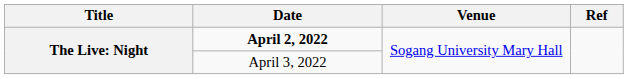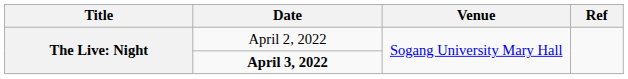 <table class="wikitable plainrowheaders" style="text-align:center">
 <tr>
 <th scope="col" width="200">Title</th>
 <th scope="col" width="200">Date</th>
 <th scope="col" width="200">Venue</th>
 <th scope="col" width="50">Ref</th>
 </tr>
 <tr>
 <th scope="row" rowspan="2" style="text-align:center">The Live: Night</th>
-<td><strong>April 2, 2022</strong></td>
+<td>April 2, 2022</td>
 <td rowspan="2"><a href='#'>Sogang University Mary Hall</a></td>
 <td rowspan="2"></td>
 </tr>
 <tr>
-<td>April 3, 2022</td>
+<td><strong>April 3, 2022</strong></td>
 </tr>
 </table>
